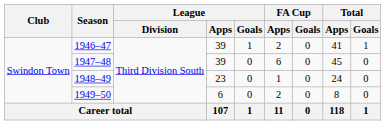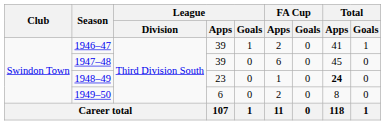 <table class="wikitable" style="text-align: center;">
 <tr>
 <th rowspan="2">Club</th>
 <th rowspan="2">Season</th>
 <th colspan="3">League</th>
 <th colspan="2">FA Cup</th>
 <th colspan="2">Total</th>
 </tr>
 <tr>
 <th>Division</th>
 <th>Apps</th>
 <th>Goals</th>
 <th>Apps</th>
 <th>Goals</th>
 <th>Apps</th>
 <th>Goals</th>
 </tr>
 <tr>
 <td rowspan="4"><a href='#'>Swindon Town</a></td>
 <td><a href='#'>1946–47</a></td>
 <td rowspan="4"><a href='#'>Third Division South</a></td>
 <td>39</td>
 <td>1</td>
 <td>2</td>
 <td>0</td>
 <td>41</td>
 <td>1</td>
 </tr>
 <tr>
 <td><a href='#'>1947–48</a></td>
 <td>39</td>
 <td>0</td>
 <td>6</td>
 <td>0</td>
 <td>45</td>
 <td>0</td>
 </tr>
 <tr>
 <td><a href='#'>1948–49</a></td>
 <td>23</td>
 <td>0</td>
 <td>1</td>
 <td>0</td>
-<td>24</td>
+<td><strong>24</strong></td>
 <td>0</td>
 </tr>
 <tr>
 <td><a href='#'>1949–50</a></td>
 <td>6</td>
 <td>0</td>
 <td>2</td>
 <td>0</td>
 <td>8</td>
 <td>0</td>
 </tr>
 <tr>
 <th colspan="3">Career total</th>
 <th>107</th>
 <th>1</th>
 <th>11</th>
 <th>0</th>
 <th>118</th>
 <th>1</th>
 </tr>
 </table>
